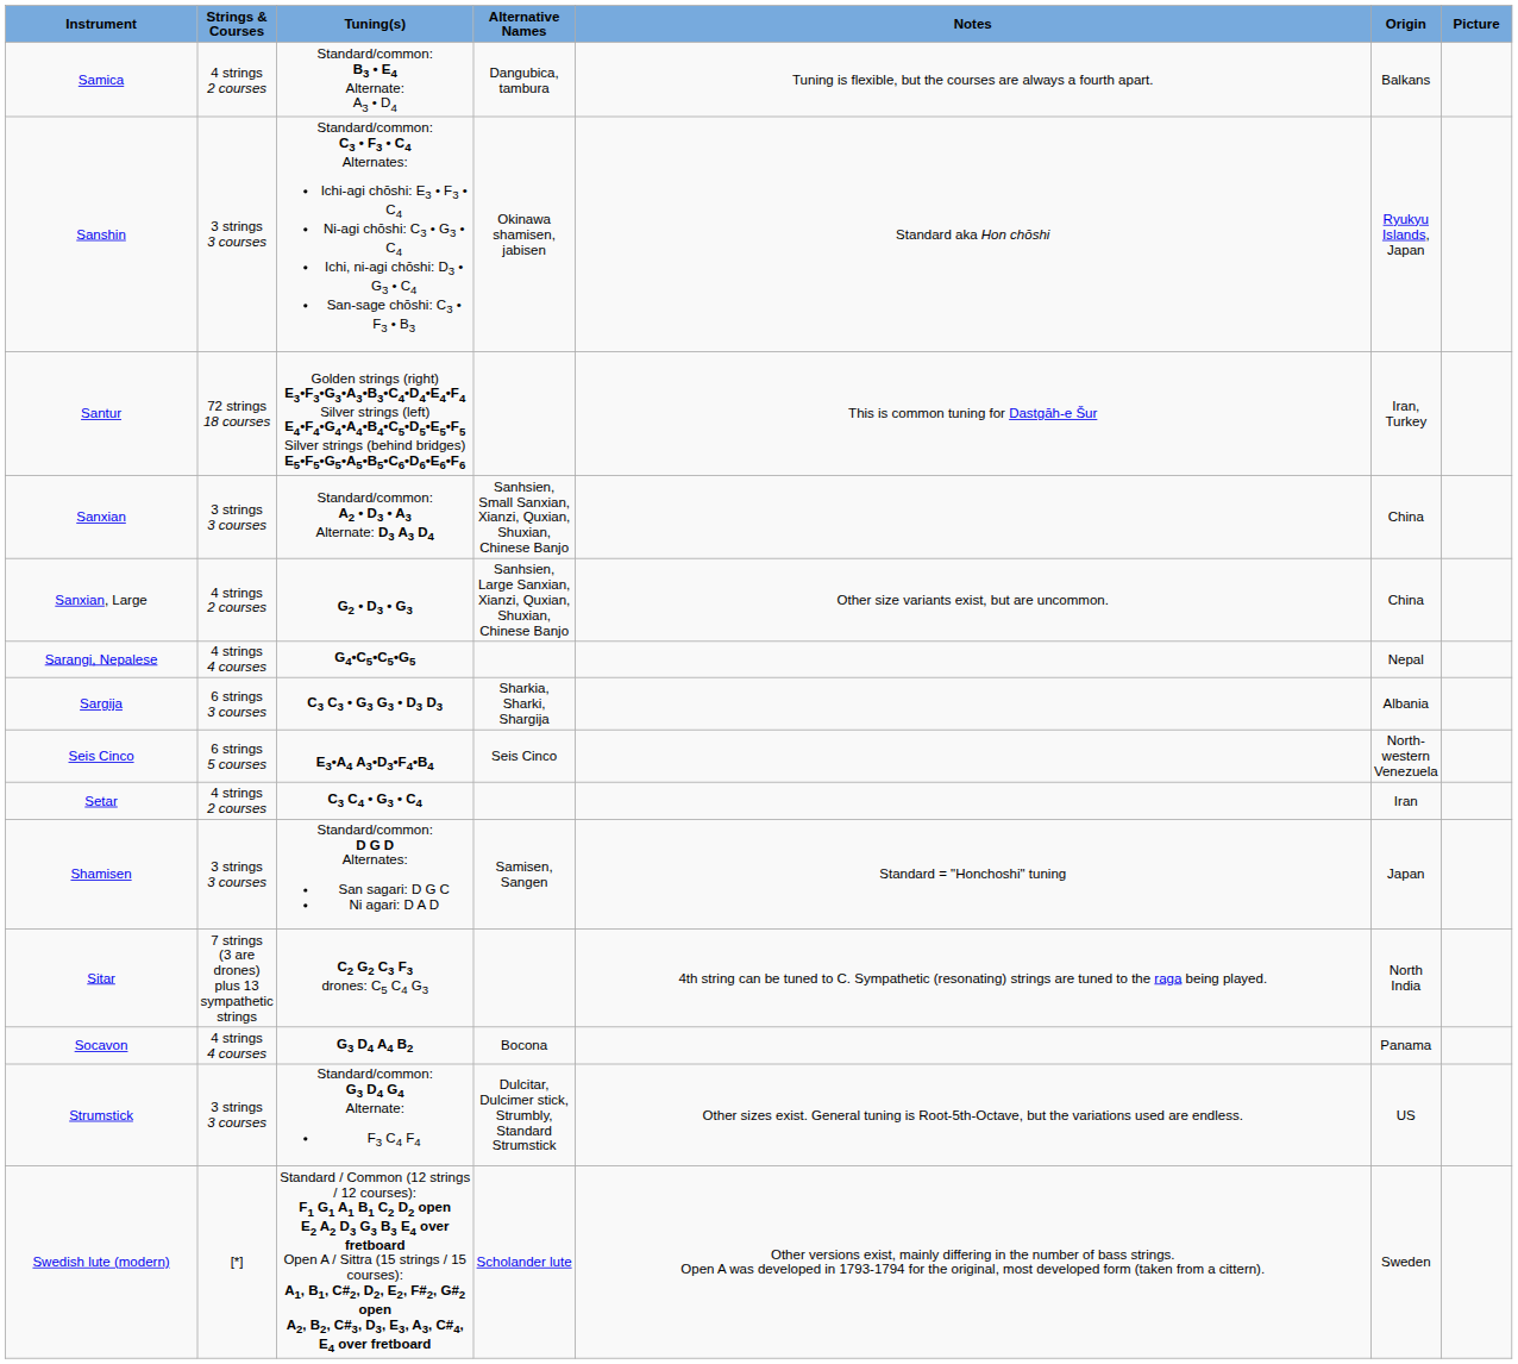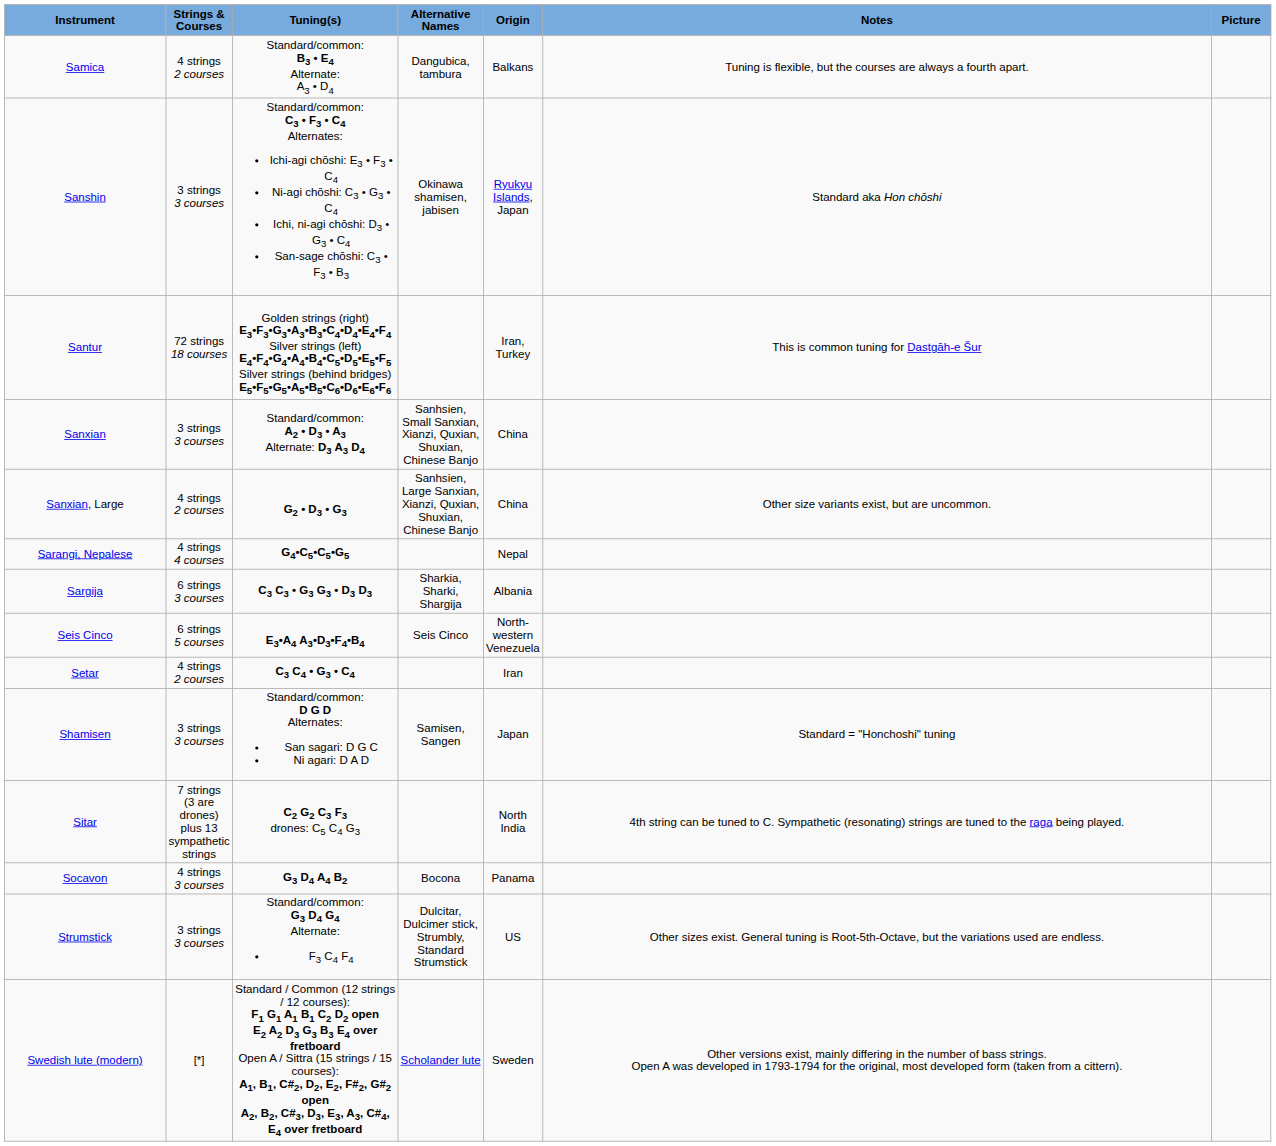 <table class="wikitable" style="margin:0.5em auto; clear:both; font-size:.9em; text-align:center; width:100%">
 <tr>
 <th style="background: #7ad;">Instrument</th>
 <th style="background: #7ad;" scope="col" width="58">Strings & Courses</th>
 <th style="background: #7ad;" scope="col" width="200">Tuning(s)</th>
 <th style="background: #7ad;" scope="col" width="100">Alternative Names</th>
+<th style="background: #7ad;" scope="col" width="60">Origin</th>
 <th style="background: #7ad;" scope="col" width'"140">Notes</th>
-<th style="background: #7ad;" scope="col" width="60">Origin</th>
 <th style="background: #7ad;">Picture</th>
 </tr>
 <tr>
 <td><a href='#'>Samica</a></td>
 <td>4 strings<br><em>2 courses</em></td>
 <td>Standard/common:<br><strong>B<sub>3</sub> • E<sub>4</sub></strong><br>Alternate:<br>A<sub>3</sub> • D<sub>4</sub></td>
 <td>Dangubica, tambura</td>
+<td>Balkans</td>
 <td>Tuning is flexible, but the courses are always a fourth apart.</td>
-<td>Balkans</td>
 <td></td>
 </tr>
 <tr>
 <td><a href='#'>Sanshin</a></td>
 <td>3 strings<br><em>3 courses</em></td>
 <td>Standard/common:<br><strong>C<sub>3</sub> • F<sub>3</sub> • C<sub>4</sub></strong><br>Alternates:<ul><li>Ichi-agi chōshi: E<sub>3</sub> • F<sub>3</sub> • C<sub>4</sub></li><li>Ni-agi chōshi: C<sub>3</sub> • G<sub>3</sub> • C<sub>4</sub></li><li>Ichi, ni-agi chōshi: D<sub>3</sub> • G<sub>3</sub> • C<sub>4</sub></li><li>San-sage chōshi: C<sub>3</sub> • F<sub>3</sub> • B<sub>3</sub></li></ul></td>
 <td>Okinawa shamisen, jabisen</td>
+<td><a href='#'>Ryukyu Islands</a>, Japan</td>
 <td>Standard aka <em>Hon chōshi</em></td>
-<td><a href='#'>Ryukyu Islands</a>, Japan</td>
 <td></td>
 </tr>
 <tr>
 <td><a href='#'>Santur</a></td>
 <td>72 strings<br><em>18 courses</em></td>
 <td><br>Golden strings (right)<br> <strong>E<sub>3</sub>•F<sub>3</sub>•G<sub>3</sub>•A<sub>3</sub>•B<sub>3</sub>•C<sub>4</sub>•D<sub>4</sub>•E<sub>4</sub>•F<sub>4</sub></strong><br> Silver strings (left)<br> <strong>E<sub>4</sub>•F<sub>4</sub>•G<sub>4</sub>•A<sub>4</sub>•B<sub>4</sub>•C<sub>5</sub>•D<sub>5</sub>•E<sub>5</sub>•F<sub>5</sub></strong><br> Silver strings (behind bridges)<br> <strong>E<sub>5</sub>•F<sub>5</sub>•G<sub>5</sub>•A<sub>5</sub>•B<sub>5</sub>•C<sub>6</sub>•D<sub>6</sub>•E<sub>6</sub>•F<sub>6</sub></strong><br></td>
 <td></td>
+<td>Iran,<br>Turkey</td>
 <td>This is common tuning for <a href='#'>Dastgāh-e Šur</a></td>
-<td>Iran,<br>Turkey</td>
 <td></td>
 </tr>
 <tr>
 <td><a href='#'>Sanxian</a></td>
 <td>3 strings<br><em>3 courses</em></td>
 <td>Standard/common:<br><strong>A<sub>2</sub> • D<sub>3</sub> • A<sub>3</sub></strong><br>Alternate: <strong>D<sub>3</sub> A<sub>3</sub> D<sub>4</sub> </strong></td>
 <td>Sanhsien, Small Sanxian, Xianzi, Quxian, Shuxian, Chinese Banjo</td>
+<td>China</td>
 <td></td>
-<td>China</td>
 <td></td>
 </tr>
 <tr>
 <td><a href='#'>Sanxian</a>, Large</td>
 <td>4 strings<br><em>2 courses</em></td>
 <td><br><strong>G<sub>2</sub> • D<sub>3</sub> • G<sub>3</sub></strong></td>
 <td>Sanhsien, Large Sanxian, Xianzi, Quxian, Shuxian, Chinese Banjo</td>
+<td>China</td>
 <td>Other size variants exist, but are uncommon.</td>
-<td>China</td>
 <td></td>
 </tr>
 <tr>
 <td><a href='#'>Sarangi, Nepalese</a></td>
 <td>4 strings<br><em>4 courses</em></td>
 <td><strong>G<sub>4</sub>•C<sub>5</sub>•C<sub>5</sub>•G<sub>5</sub></strong></td>
 <td></td>
+<td>Nepal</td>
 <td></td>
-<td>Nepal</td>
 <td></td>
 </tr>
 <tr>
 <td><a href='#'>Sargija</a></td>
 <td>6 strings<br><em>3 courses</em></td>
 <td><strong>C<sub>3</sub> C<sub>3</sub> • G<sub>3</sub> G<sub>3</sub> • D<sub>3</sub> D<sub>3</sub></strong></td>
 <td>Sharkia, Sharki, Shargija</td>
+<td>Albania</td>
 <td></td>
-<td>Albania</td>
 <td></td>
 </tr>
 <tr>
 <td><a href='#'>Seis Cinco</a></td>
 <td>6 strings<br><em>5 courses</em></td>
 <td><br><strong>E<sub>3</sub>•A<sub>4</sub> A<sub>3</sub>•D<sub>3</sub>•F<sub>4</sub>•B<sub>4</sub></strong></td>
 <td>Seis Cinco</td>
+<td>North-western Venezuela</td>
 <td></td>
-<td>North-western Venezuela</td>
 <td></td>
 </tr>
 <tr>
 <td><a href='#'>Setar</a></td>
 <td>4 strings<br><em>2 courses</em></td>
 <td><strong>C<sub>3</sub> C<sub>4</sub> • G<sub>3</sub> • C<sub>4</sub></strong></td>
 <td></td>
+<td>Iran</td>
 <td></td>
-<td>Iran</td>
 <td></td>
 </tr>
 <tr>
 <td><a href='#'>Shamisen</a></td>
 <td>3 strings<br><em>3 courses</em></td>
 <td>Standard/common:<br><strong>D G D</strong><br>Alternates:<ul><li>San sagari: D G C</li><li>Ni agari: D A D</li></ul></td>
 <td>Samisen, Sangen</td>
+<td>Japan</td>
 <td>Standard = "Honchoshi" tuning</td>
-<td>Japan</td>
 <td></td>
 </tr>
 <tr>
 <td><a href='#'>Sitar</a></td>
 <td>7 strings<br>(3 are drones)<br>plus 13 sympathetic strings</td>
 <td><strong> C<sub>2</sub> G<sub>2</sub> C<sub>3</sub> F<sub>3</sub> </strong><br>drones: C<sub>5</sub> C<sub>4</sub> G<sub>3</sub></td>
 <td></td>
+<td>North India</td>
 <td>4th string can be tuned to C. Sympathetic (resonating) strings are tuned to the <a href='#'>raga</a> being played.</td>
-<td>North India</td>
 <td></td>
 </tr>
 <tr>
 <td><a href='#'>Socavon</a></td>
-<td>4 strings<br><em>4 courses</em></td>
+<td>4 strings<br><em>3 courses</em></td>
 <td><strong>G<sub>3</sub> D<sub>4</sub> A<sub>4</sub> B<sub>2</sub></strong></td>
 <td>Bocona</td>
+<td>Panama</td>
 <td></td>
-<td>Panama</td>
 <td></td>
 </tr>
 <tr>
 <td><a href='#'>Strumstick</a></td>
 <td>3 strings<br><em>3 courses</em></td>
 <td>Standard/common:<br><strong>G<sub>3</sub> D<sub>4</sub> G<sub>4</sub></strong><br>Alternate:<ul><li>F<sub>3</sub> C<sub>4</sub> F<sub>4</sub></li></ul></td>
 <td>Dulcitar, Dulcimer stick, Strumbly, Standard Strumstick</td>
+<td>US</td>
 <td>Other sizes exist.  General tuning is Root-5th-Octave, but the variations used are endless.</td>
-<td>US</td>
 <td></td>
 </tr>
 <tr>
 <td><a href='#'>Swedish lute (modern)</a></td>
 <td>[*]</td>
 <td>Standard / Common (12 strings / 12 courses):<br><strong>F<sub>1</sub> G<sub>1</sub> A<sub>1</sub> B<sub>1</sub> C<sub>2</sub> D<sub>2</sub> open<br>E<sub>2</sub> A<sub>2</sub> D<sub>3</sub> G<sub>3</sub> B<sub>3</sub> E<sub>4</sub> over fretboard</strong><br>Open A / Sittra (15 strings / 15 courses):<br><strong>A<sub>1</sub>, B<sub>1</sub>, C#<sub>2</sub>, D<sub>2</sub>, E<sub>2</sub>, F#<sub>2</sub>, G#<sub>2</sub> open<br>A<sub>2</sub>, B<sub>2</sub>, C#<sub>3</sub>, D<sub>3</sub>, E<sub>3</sub>, A<sub>3</sub>, C#<sub>4</sub>, E<sub>4</sub> over fretboard</strong></td>
 <td><a href='#'>Scholander lute</a></td>
+<td>Sweden</td>
 <td>Other versions exist, mainly differing in the number of bass strings.<br>Open A was developed in 1793-1794 for the original, most developed form (taken from a cittern).</td>
-<td>Sweden</td>
 <td></td>
 </tr>
 </table>
